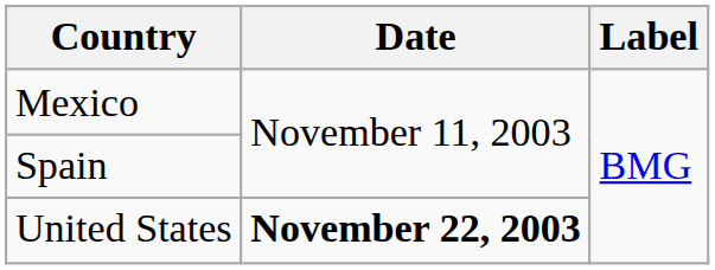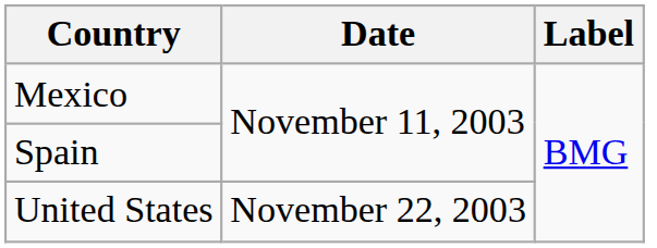 <table class="wikitable">
 <tr>
 <th>Country</th>
 <th>Date</th>
 <th>Label</th>
 </tr>
 <tr>
 <td>Mexico</td>
 <td rowspan="2">November 11, 2003</td>
 <td rowspan="3"><a href='#'>BMG</a></td>
 </tr>
 <tr>
 <td>Spain</td>
 </tr>
 <tr>
 <td>United States</td>
-<td><strong>November 22, 2003</strong></td>
+<td>November 22, 2003</td>
 </tr>
 </table>
